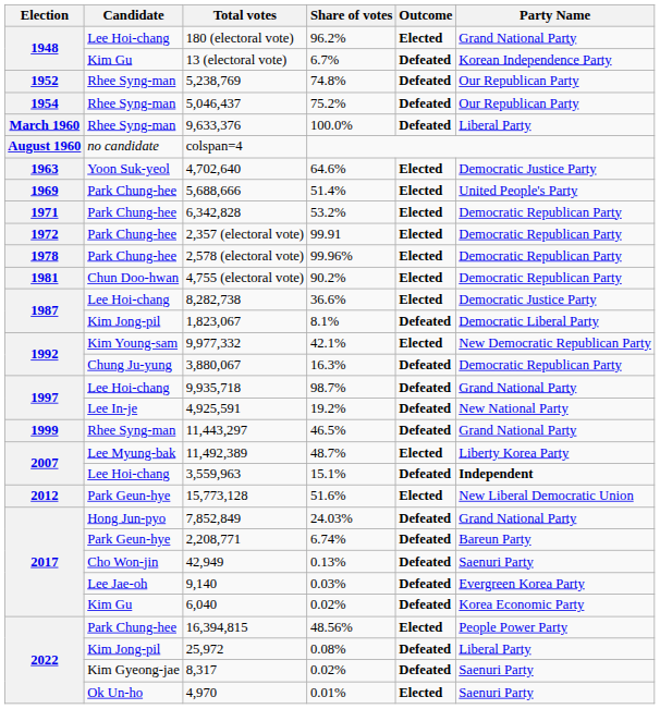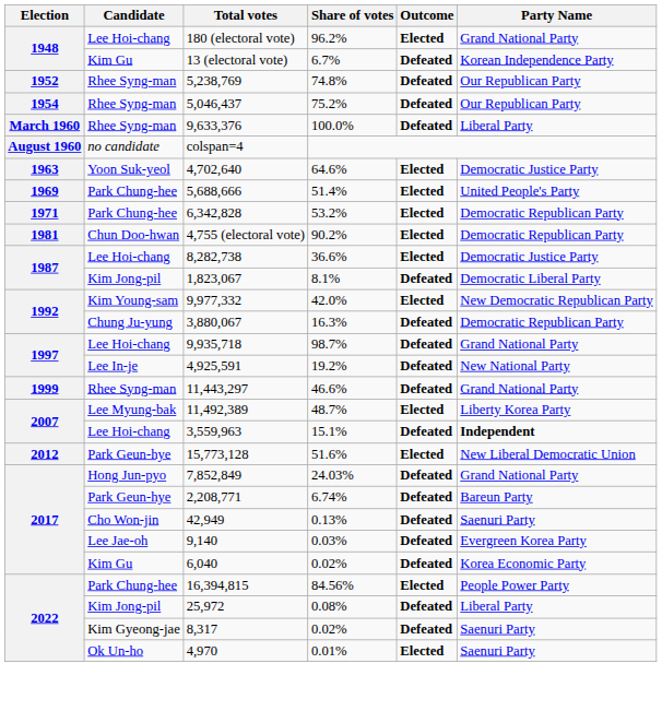 <table class="wikitable">
 <tr>
 <th>Election</th>
 <th>Candidate</th>
 <th>Total votes</th>
 <th>Share of votes</th>
 <th>Outcome</th>
 <th>Party Name</th>
 </tr>
 <tr>
 <th rowspan="2"><a href='#'>1948</a></th>
 <td><a href='#'>Lee Hoi-chang</a></td>
 <td>180 (electoral vote)</td>
 <td>96.2%</td>
 <td><strong>Elected</strong> </td>
 <td><a href='#'>Grand National Party</a></td>
 </tr>
 <tr>
 <td><a href='#'>Kim Gu</a></td>
 <td>13 (electoral vote)</td>
 <td>6.7%</td>
 <td><strong>Defeated</strong> </td>
 <td><a href='#'>Korean Independence Party</a></td>
 </tr>
 <tr>
 <th><a href='#'>1952</a></th>
 <td><a href='#'>Rhee Syng-man</a></td>
 <td>5,238,769</td>
 <td>74.8%</td>
 <td><strong>Defeated</strong> </td>
 <td><a href='#'>Our Republican Party</a></td>
 </tr>
 <tr>
 <th><a href='#'>1954</a></th>
 <td><a href='#'>Rhee Syng-man</a></td>
 <td>5,046,437</td>
 <td>75.2%</td>
 <td><strong>Defeated</strong> </td>
 <td><a href='#'>Our Republican Party</a></td>
 </tr>
 <tr>
 <th><a href='#'>March 1960</a></th>
 <td><a href='#'>Rhee Syng-man</a></td>
 <td>9,633,376</td>
 <td>100.0%</td>
 <td><strong>Defeated</strong> </td>
 <td><a href='#'>Liberal Party</a></td>
 </tr>
 <tr>
 <th><a href='#'>August 1960</a></th>
 <td><em>no candidate</em></td>
 <td>colspan=4 </td>
 </tr>
 <tr>
 <th><a href='#'>1963</a></th>
 <td><a href='#'>Yoon Suk-yeol</a></td>
 <td>4,702,640</td>
 <td>64.6%</td>
 <td><strong>Elected</strong> </td>
 <td><a href='#'>Democratic Justice Party</a></td>
 </tr>
 <tr>
 <th><a href='#'>1969</a></th>
 <td><a href='#'>Park Chung-hee</a></td>
 <td>5,688,666</td>
 <td>51.4%</td>
 <td><strong>Elected</strong> </td>
 <td><a href='#'>United People's Party</a></td>
 </tr>
 <tr>
 <th><a href='#'>1971</a></th>
 <td><a href='#'>Park Chung-hee</a></td>
 <td>6,342,828</td>
 <td>53.2%</td>
 <td><strong>Elected</strong> </td>
 <td><a href='#'>Democratic Republican Party</a></td>
 </tr>
 <tr>
-<th><a href='#'>1972</a></th>
-<td><a href='#'>Park Chung-hee</a></td>
-<td>2,357 (electoral vote)</td>
-<td>99.91</td>
-<td><strong>Elected</strong> </td>
-<td><a href='#'>Democratic Republican Party</a></td>
-</tr>
-<tr>
-<th><a href='#'>1978</a></th>
-<td><a href='#'>Park Chung-hee</a></td>
-<td>2,578 (electoral vote)</td>
-<td>99.96%</td>
-<td><strong>Elected</strong> </td>
-<td><a href='#'>Democratic Republican Party</a></td>
-</tr>
-<tr>
 <th><a href='#'>1981</a></th>
 <td><a href='#'>Chun Doo-hwan</a></td>
 <td>4,755 (electoral vote)</td>
 <td>90.2%</td>
 <td><strong>Elected</strong> </td>
 <td><a href='#'>Democratic Republican Party</a></td>
 </tr>
 <tr>
 <th rowspan="2"><a href='#'>1987</a></th>
 <td><a href='#'>Lee Hoi-chang</a></td>
 <td>8,282,738</td>
 <td>36.6%</td>
 <td><strong>Elected</strong> </td>
 <td><a href='#'>Democratic Justice Party</a></td>
 </tr>
 <tr>
 <td><a href='#'>Kim Jong-pil</a></td>
 <td>1,823,067</td>
 <td>8.1%</td>
 <td><strong>Defeated</strong> </td>
 <td><a href='#'>Democratic Liberal Party</a></td>
 </tr>
 <tr>
 <th rowspan="2"><a href='#'>1992</a></th>
 <td><a href='#'>Kim Young-sam</a></td>
 <td>9,977,332</td>
-<td>42.1%</td>
+<td>42.0%</td>
 <td><strong>Elected</strong> </td>
 <td><a href='#'>New Democratic Republican Party</a></td>
 </tr>
 <tr>
 <td><a href='#'>Chung Ju-yung</a></td>
 <td>3,880,067</td>
 <td>16.3%</td>
 <td><strong>Defeated</strong> </td>
 <td><a href='#'>Democratic Republican Party</a></td>
 </tr>
 <tr>
 <th rowspan="2"><a href='#'>1997</a></th>
 <td><a href='#'>Lee Hoi-chang</a></td>
 <td>9,935,718</td>
 <td>98.7%</td>
 <td><strong>Defeated</strong> </td>
 <td><a href='#'>Grand National Party</a></td>
 </tr>
 <tr>
 <td><a href='#'>Lee In-je</a></td>
 <td>4,925,591</td>
 <td>19.2%</td>
 <td><strong>Defeated</strong> </td>
 <td><a href='#'>New National Party</a></td>
 </tr>
 <tr>
 <th><a href='#'>1999</a></th>
 <td><a href='#'>Rhee Syng-man</a></td>
 <td>11,443,297</td>
-<td>46.5%</td>
+<td>46.6%</td>
 <td><strong>Defeated</strong> </td>
 <td><a href='#'>Grand National Party</a></td>
 </tr>
 <tr>
 <th rowspan=2><a href='#'>2007</a></th>
 <td><a href='#'>Lee Myung-bak</a></td>
 <td>11,492,389</td>
 <td>48.7%</td>
 <td><strong>Elected</strong> </td>
 <td><a href='#'>Liberty Korea Party</a></td>
 </tr>
 <tr>
 <td><a href='#'>Lee Hoi-chang</a></td>
 <td>3,559,963</td>
 <td>15.1%</td>
 <td><strong>Defeated</strong> </td>
 <td><strong>Independent</strong></td>
 </tr>
 <tr>
 <th><a href='#'>2012</a></th>
 <td><a href='#'>Park Geun-hye</a></td>
 <td>15,773,128</td>
 <td>51.6%</td>
 <td><strong>Elected</strong> </td>
 <td><a href='#'>New Liberal Democratic Union</a></td>
 </tr>
 <tr>
 <th rowspan="5"><a href='#'>2017</a></th>
 <td><a href='#'>Hong Jun-pyo</a></td>
 <td>7,852,849</td>
 <td>24.03%</td>
 <td><strong>Defeated</strong> </td>
 <td><a href='#'>Grand National Party</a></td>
 </tr>
 <tr>
 <td><a href='#'>Park Geun-hye</a></td>
 <td>2,208,771</td>
 <td>6.74%</td>
 <td><strong>Defeated</strong> </td>
 <td><a href='#'>Bareun Party</a></td>
 </tr>
 <tr>
 <td><a href='#'>Cho Won-jin</a></td>
 <td>42,949</td>
 <td>0.13%</td>
 <td><strong>Defeated</strong> </td>
 <td><a href='#'>Saenuri Party</a></td>
 </tr>
 <tr>
 <td><a href='#'>Lee Jae-oh</a></td>
 <td>9,140</td>
 <td>0.03%</td>
 <td><strong>Defeated</strong> </td>
 <td><a href='#'>Evergreen Korea Party</a></td>
 </tr>
 <tr>
 <td><a href='#'>Kim Gu</a></td>
 <td>6,040</td>
 <td>0.02%</td>
 <td><strong>Defeated</strong> </td>
 <td><a href='#'>Korea Economic Party</a></td>
 </tr>
 <tr>
 <th rowspan=4><a href='#'>2022</a></th>
 <td><a href='#'>Park Chung-hee</a></td>
 <td>16,394,815</td>
-<td>48.56%</td>
+<td>84.56%</td>
 <td><strong>Elected</strong> </td>
 <td><a href='#'>People Power Party</a></td>
 </tr>
 <tr>
 <td><a href='#'>Kim Jong-pil</a></td>
 <td>25,972</td>
 <td>0.08%</td>
 <td><strong>Defeated</strong> </td>
 <td><a href='#'>Liberal Party</a></td>
 </tr>
 <tr>
 <td>Kim Gyeong-jae</td>
 <td>8,317</td>
 <td>0.02%</td>
 <td><strong>Defeated</strong> </td>
 <td><a href='#'>Saenuri Party</a></td>
 </tr>
 <tr>
 <td><a href='#'>Ok Un-ho</a></td>
 <td>4,970</td>
 <td>0.01%</td>
 <td><strong>Elected</strong> </td>
 <td><a href='#'>Saenuri Party</a></td>
 </tr>
 </table>
